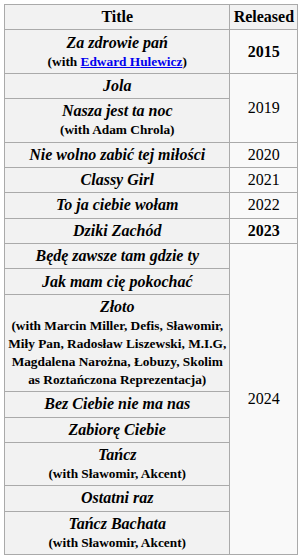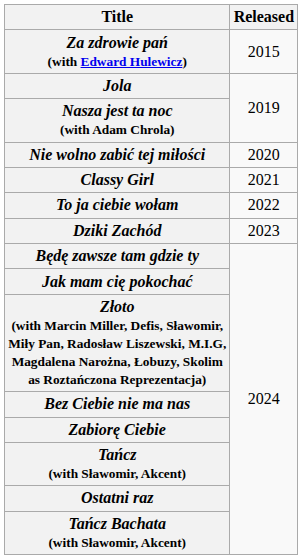 <table class="wikitable" style="text-align:center;">
 <tr>
 <th rowspan="1">Title</th>
 <th rowspan="1">Released</th>
 </tr>
 <tr>
 <th><em>Za zdrowie pań</em><br><small>(with <a href='#'>Edward Hulewicz</a>)</small></th>
-<td><strong>2015</strong></td>
+<td>2015</td>
 </tr>
 <tr>
 <th><em>Jola</em></th>
 <td rowspan="2">2019</td>
 </tr>
 <tr>
 <th><em>Nasza jest ta noc</em><br><small>(with Adam Chrola)</small></th>
 </tr>
 <tr>
 <th><em>Nie wolno zabić tej miłości</em></th>
 <td>2020</td>
 </tr>
 <tr>
 <th><em>Classy Girl</em></th>
 <td>2021</td>
 </tr>
 <tr>
 <th><em>To ja ciebie wołam</em></th>
 <td>2022</td>
 </tr>
 <tr>
 <th><em>Dziki Zachód</em></th>
-<td><strong>2023</strong></td>
+<td>2023</td>
 </tr>
 <tr>
 <th><em>Będę zawsze tam gdzie ty</em></th>
 <td rowspan="8">2024</td>
 </tr>
 <tr>
 <th><em>Jak mam cię pokochać</em></th>
 </tr>
 <tr>
 <th><em>Złoto</em><br><small>(with Marcin Miller, Defis, Sławomir,<br>Miły Pan, Radosław Liszewski, M.I.G,<br>Magdalena Narożna, Łobuzy, Skolim<br>as Roztańczona Reprezentacja)</small></th>
 </tr>
 <tr>
 <th><em>Bez Ciebie nie ma nas</em></th>
 </tr>
 <tr>
 <th><em>Zabiorę Ciebie</em></th>
 </tr>
 <tr>
 <th><em>Tańcz</em><br><small>(with Sławomir, Akcent)</small></th>
 </tr>
 <tr>
 <th><em>Ostatni raz</em></th>
 </tr>
 <tr>
 <th><em>Tańcz Bachata</em><br><small>(with Sławomir, Akcent)</small></th>
 </tr>
 </table>
